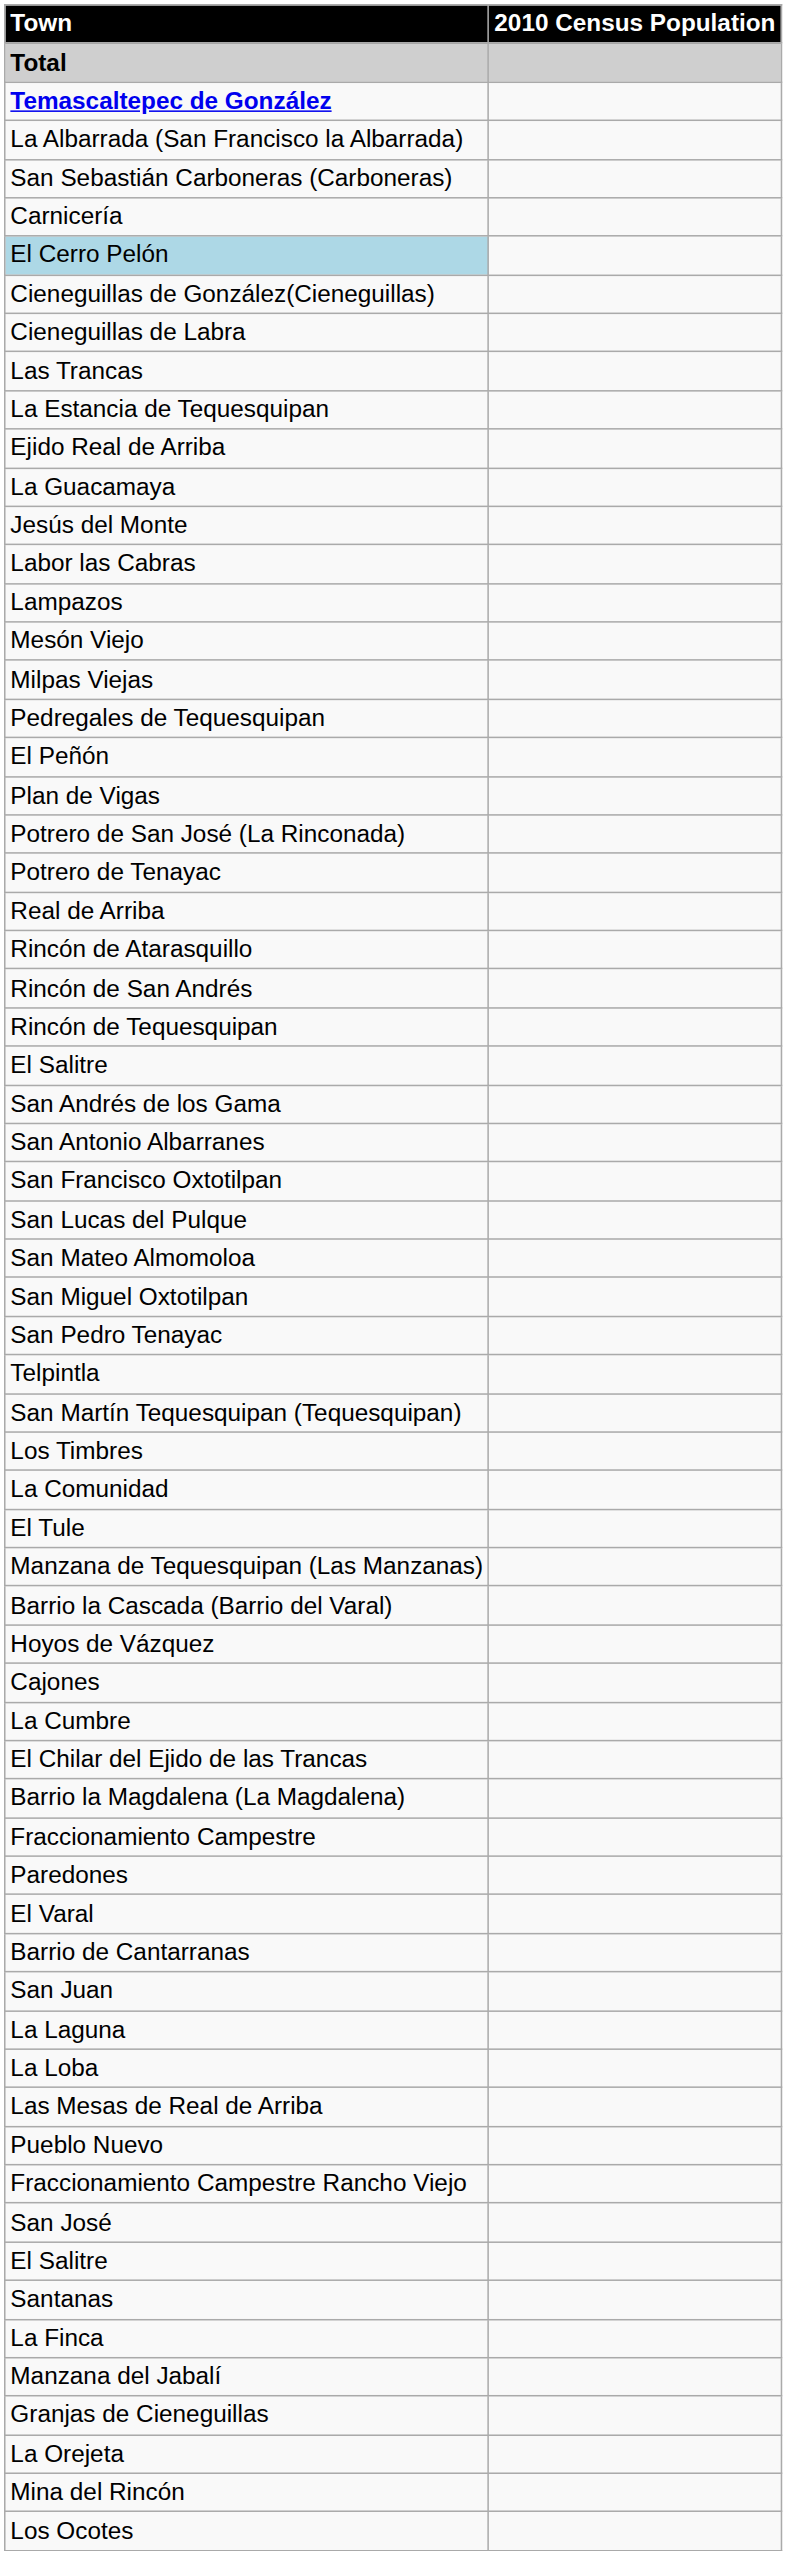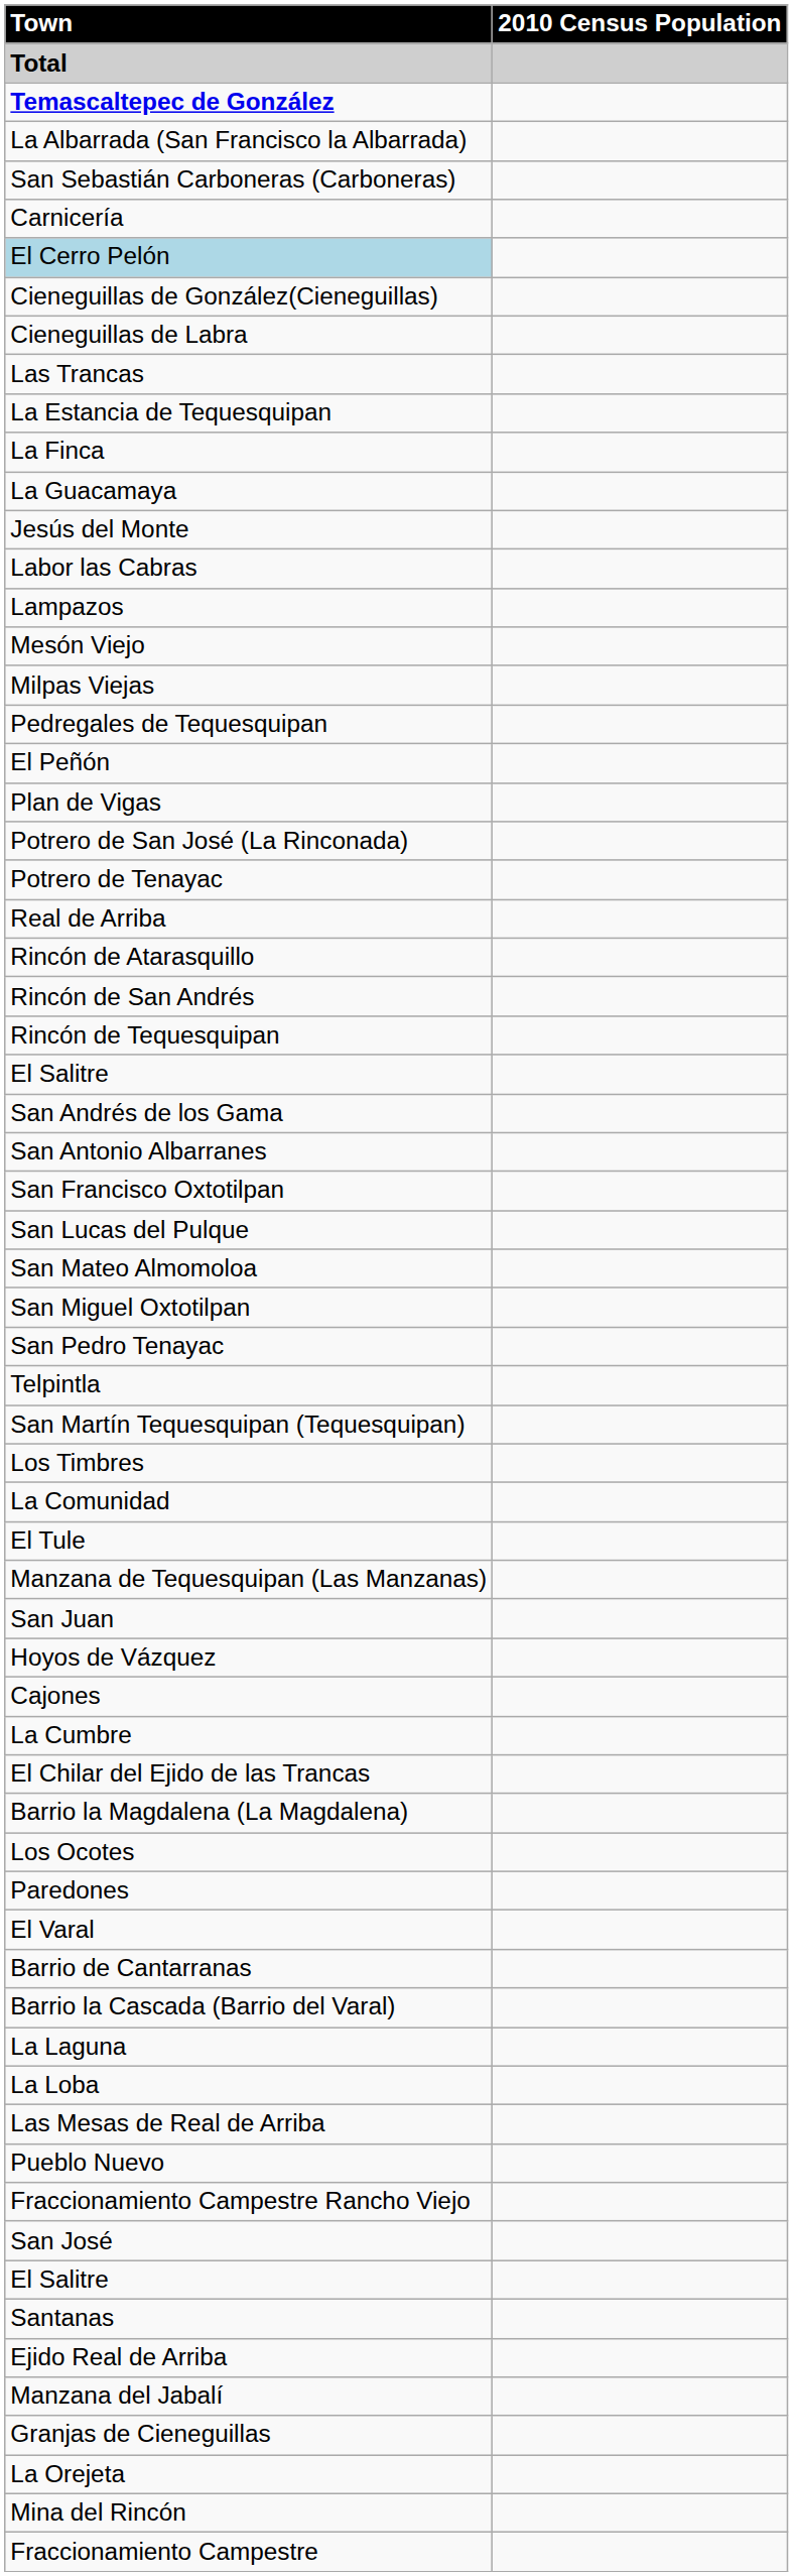 <table class="wikitable">
 <tr style="background:#000000; color:#FFFFFF;">
 <td><strong>Town</strong></td>
 <td><strong>2010 Census Population</strong></td>
 </tr>
 <tr style="background:#CFCFCF;">
 <td><strong>Total</strong></td>
 <td></td>
 </tr>
 <tr>
 <td><strong><a href='#'>Temascaltepec de González</a></strong></td>
 <td></td>
 </tr>
 <tr>
 <td>La Albarrada (San Francisco la Albarrada)</td>
 <td></td>
 </tr>
 <tr>
 <td>San Sebastián Carboneras (Carboneras)</td>
 <td></td>
 </tr>
 <tr>
 <td>Carnicería</td>
 <td></td>
 </tr>
 <tr>
 <td style="background: lightblue;">El Cerro Pelón</td>
 <td></td>
 </tr>
 <tr>
 <td>Cieneguillas de González(Cieneguillas)</td>
 <td></td>
 </tr>
 <tr>
 <td>Cieneguillas de Labra</td>
 <td></td>
 </tr>
 <tr>
 <td>Las Trancas</td>
 <td></td>
 </tr>
 <tr>
 <td>La Estancia de Tequesquipan</td>
 <td></td>
 </tr>
 <tr>
-<td>Ejido Real de Arriba</td>
+<td>La Finca</td>
 <td></td>
 </tr>
 <tr>
 <td>La Guacamaya</td>
 <td></td>
 </tr>
 <tr>
 <td>Jesús del Monte</td>
 <td></td>
 </tr>
 <tr>
 <td>Labor las Cabras</td>
 <td></td>
 </tr>
 <tr>
 <td>Lampazos</td>
 <td></td>
 </tr>
 <tr>
 <td>Mesón Viejo</td>
 <td></td>
 </tr>
 <tr>
 <td>Milpas Viejas</td>
 <td></td>
 </tr>
 <tr>
 <td>Pedregales de Tequesquipan</td>
 <td></td>
 </tr>
 <tr>
 <td>El Peñón</td>
 <td></td>
 </tr>
 <tr>
 <td>Plan de Vigas</td>
 <td></td>
 </tr>
 <tr>
 <td>Potrero de San José (La Rinconada)</td>
 <td></td>
 </tr>
 <tr>
 <td>Potrero de Tenayac</td>
 <td></td>
 </tr>
 <tr>
 <td>Real de Arriba</td>
 <td></td>
 </tr>
 <tr>
 <td>Rincón de Atarasquillo</td>
 <td></td>
 </tr>
 <tr>
 <td>Rincón de San Andrés</td>
 <td></td>
 </tr>
 <tr>
 <td>Rincón de Tequesquipan</td>
 <td></td>
 </tr>
 <tr>
 <td>El Salitre</td>
 <td></td>
 </tr>
 <tr>
 <td>San Andrés de los Gama</td>
 <td></td>
 </tr>
 <tr>
 <td>San Antonio Albarranes</td>
 <td></td>
 </tr>
 <tr>
 <td>San Francisco Oxtotilpan</td>
 <td></td>
 </tr>
 <tr>
 <td>San Lucas del Pulque</td>
 <td></td>
 </tr>
 <tr>
 <td>San Mateo Almomoloa</td>
 <td></td>
 </tr>
 <tr>
 <td>San Miguel Oxtotilpan</td>
 <td></td>
 </tr>
 <tr>
 <td>San Pedro Tenayac</td>
 <td></td>
 </tr>
 <tr>
 <td>Telpintla</td>
 <td></td>
 </tr>
 <tr>
 <td>San Martín Tequesquipan (Tequesquipan)</td>
 <td></td>
 </tr>
 <tr>
 <td>Los Timbres</td>
 <td></td>
 </tr>
 <tr>
 <td>La Comunidad</td>
 <td></td>
 </tr>
 <tr>
 <td>El Tule</td>
 <td></td>
 </tr>
 <tr>
 <td>Manzana de Tequesquipan (Las Manzanas)</td>
 <td></td>
 </tr>
 <tr>
-<td>Barrio la Cascada (Barrio del Varal)</td>
+<td>San Juan</td>
 <td></td>
 </tr>
 <tr>
 <td>Hoyos de Vázquez</td>
 <td></td>
 </tr>
 <tr>
 <td>Cajones</td>
 <td></td>
 </tr>
 <tr>
 <td>La Cumbre</td>
 <td></td>
 </tr>
 <tr>
 <td>El Chilar del Ejido de las Trancas</td>
 <td></td>
 </tr>
 <tr>
 <td>Barrio la Magdalena (La Magdalena)</td>
 <td></td>
 </tr>
 <tr>
-<td>Fraccionamiento Campestre</td>
+<td>Los Ocotes</td>
 <td></td>
 </tr>
 <tr>
 <td>Paredones</td>
 <td></td>
 </tr>
 <tr>
 <td>El Varal</td>
 <td></td>
 </tr>
 <tr>
 <td>Barrio de Cantarranas</td>
 <td></td>
 </tr>
 <tr>
-<td>San Juan</td>
+<td>Barrio la Cascada (Barrio del Varal)</td>
 <td></td>
 </tr>
 <tr>
 <td>La Laguna</td>
 <td></td>
 </tr>
 <tr>
 <td>La Loba</td>
 <td></td>
 </tr>
 <tr>
 <td>Las Mesas de Real de Arriba</td>
 <td></td>
 </tr>
 <tr>
 <td>Pueblo Nuevo</td>
 <td></td>
 </tr>
 <tr>
 <td>Fraccionamiento Campestre Rancho Viejo</td>
 <td></td>
 </tr>
 <tr>
 <td>San José</td>
 <td></td>
 </tr>
 <tr>
 <td>El Salitre</td>
 <td></td>
 </tr>
 <tr>
 <td>Santanas</td>
 <td></td>
 </tr>
 <tr>
-<td>La Finca</td>
+<td>Ejido Real de Arriba</td>
 <td></td>
 </tr>
 <tr>
 <td>Manzana del Jabalí</td>
 <td></td>
 </tr>
 <tr>
 <td>Granjas de Cieneguillas</td>
 <td></td>
 </tr>
 <tr>
 <td>La Orejeta</td>
 <td></td>
 </tr>
 <tr>
 <td>Mina del Rincón</td>
 <td></td>
 </tr>
 <tr>
-<td>Los Ocotes</td>
+<td>Fraccionamiento Campestre</td>
 <td></td>
 </tr>
 </table>
